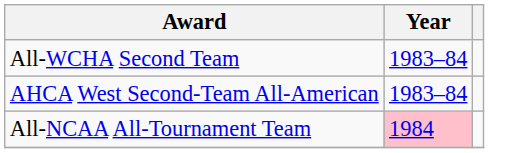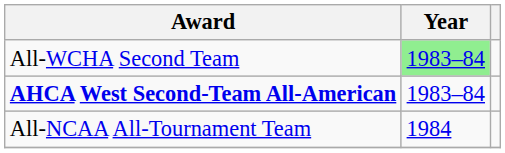 <table class="wikitable">
 <tr>
 <th>Award</th>
 <th>Year</th>
 <th></th>
 </tr>
 <tr>
 <td>All-<a href='#'>WCHA</a> <a href='#'>Second Team</a></td>
-<td><a href='#'>1983–84</a></td>
+<td style="background: lightgreen;"><a href='#'>1983–84</a></td>
 <td></td>
 </tr>
 <tr>
-<td><a href='#'>AHCA</a> <a href='#'>West Second-Team All-American</a></td>
+<td><strong><a href='#'>AHCA</a> <a href='#'>West Second-Team All-American</a></strong></td>
 <td><a href='#'>1983–84</a></td>
 <td></td>
 </tr>
 <tr>
 <td>All-<a href='#'>NCAA</a> <a href='#'>All-Tournament Team</a></td>
-<td style="background: pink;"><a href='#'>1984</a></td>
+<td><a href='#'>1984</a></td>
 <td></td>
 </tr>
 <tr>
 </tr>
 </table>
